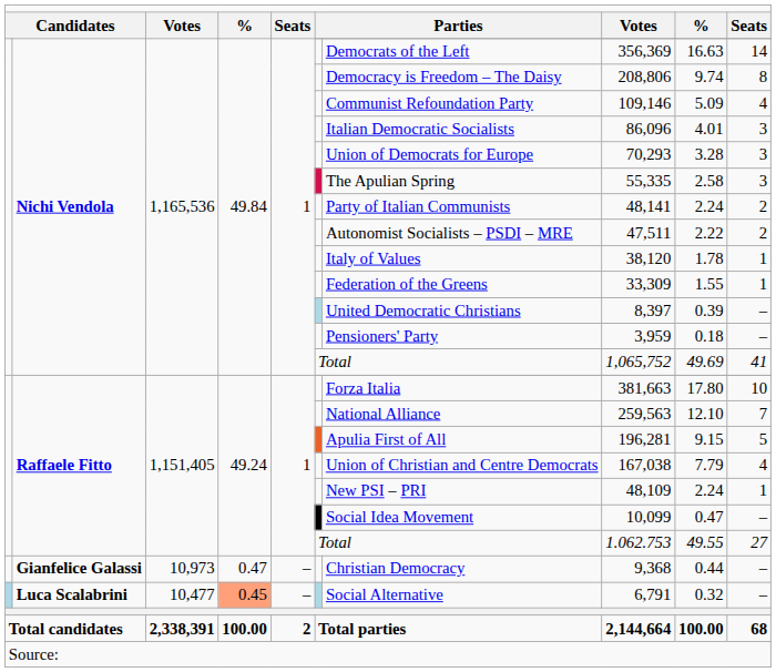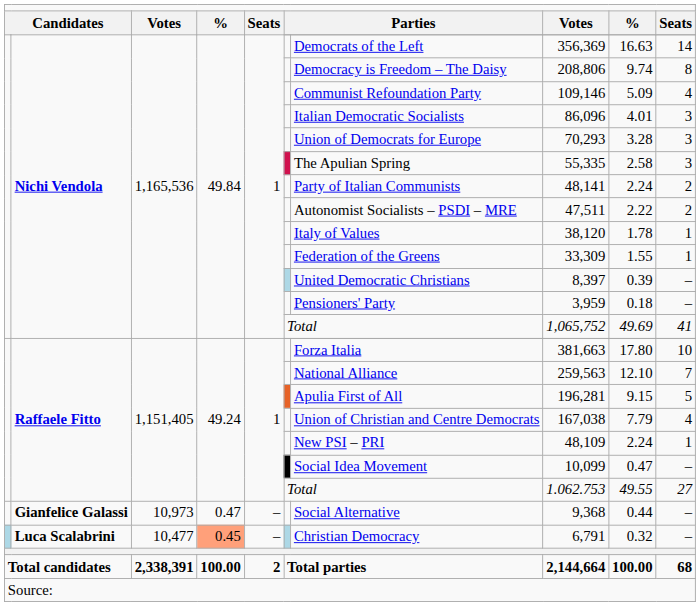 <table class="wikitable">
 <tr>
 <td colspan=10></td>
 </tr>
 <tr>
 <th colspan=2>Candidates</th>
 <th>Votes</th>
 <th>%</th>
 <th>Seats</th>
 <th colspan=2>Parties</th>
 <th>Votes</th>
 <th>%</th>
 <th>Seats</th>
 </tr>
 <tr>
 <td rowspan=14></td>
 <td rowspan=14><strong><a href='#'>Nichi Vendola</a></strong></td>
 <td rowspan=14 align=right>1,165,536</td>
 <td rowspan=14 align=right>49.84</td>
 <td rowspan=14 align=right>1</td>
 </tr>
 <tr>
 <td></td>
 <td><a href='#'>Democrats of the Left</a></td>
 <td align=right>356,369</td>
 <td align=right>16.63</td>
 <td align=right>14</td>
 </tr>
 <tr>
 <td></td>
 <td><a href='#'>Democracy is Freedom – The Daisy</a></td>
 <td align=right>208,806</td>
 <td align=right>9.74</td>
 <td align=right>8</td>
 </tr>
 <tr>
 <td></td>
 <td><a href='#'>Communist Refoundation Party</a></td>
 <td align=right>109,146</td>
 <td align=right>5.09</td>
 <td align=right>4</td>
 </tr>
 <tr>
 <td></td>
 <td><a href='#'>Italian Democratic Socialists</a></td>
 <td align=right>86,096</td>
 <td align=right>4.01</td>
 <td align=right>3</td>
 </tr>
 <tr>
 <td></td>
 <td><a href='#'>Union of Democrats for Europe</a></td>
 <td align=right>70,293</td>
 <td align=right>3.28</td>
 <td align=right>3</td>
 </tr>
 <tr>
 <td bgcolor="#D1114E"></td>
 <td>The Apulian Spring</td>
 <td align=right>55,335</td>
 <td align=right>2.58</td>
 <td align=right>3</td>
 </tr>
 <tr>
 <td></td>
 <td><a href='#'>Party of Italian Communists</a></td>
 <td align=right>48,141</td>
 <td align=right>2.24</td>
 <td align=right>2</td>
 </tr>
 <tr>
 <td></td>
 <td>Autonomist Socialists – <a href='#'>PSDI</a> – <a href='#'>MRE</a></td>
 <td align=right>47,511</td>
 <td align=right>2.22</td>
 <td align=right>2</td>
 </tr>
 <tr>
 <td></td>
 <td><a href='#'>Italy of Values</a></td>
 <td align=right>38,120</td>
 <td align=right>1.78</td>
 <td align=right>1</td>
 </tr>
 <tr>
 <td></td>
 <td><a href='#'>Federation of the Greens</a></td>
 <td align=right>33,309</td>
 <td align=right>1.55</td>
 <td align=right>1</td>
 </tr>
 <tr>
 <td bgcolor="lightblue"></td>
 <td><a href='#'>United Democratic Christians</a></td>
 <td align=right>8,397</td>
 <td align=right>0.39</td>
 <td align=right>–</td>
 </tr>
 <tr>
 <td></td>
 <td><a href='#'>Pensioners' Party</a></td>
 <td align=right>3,959</td>
 <td align=right>0.18</td>
 <td align=right>–</td>
 </tr>
 <tr>
 <td colspan=2><em>Total</em></td>
 <td align=right><em>1,065,752</em></td>
 <td align=right><em>49.69</em></td>
 <td align=right><em>41</em></td>
 </tr>
 <tr>
 <td rowspan=8></td>
 <td rowspan=8><strong><a href='#'>Raffaele Fitto</a></strong></td>
 <td rowspan=8 align=right>1,151,405</td>
 <td rowspan=8 align=right>49.24</td>
 <td rowspan=8 align=right>1</td>
 </tr>
 <tr>
 <td></td>
 <td><a href='#'>Forza Italia</a></td>
 <td align=right>381,663</td>
 <td align=right>17.80</td>
 <td align=right>10</td>
 </tr>
 <tr>
 <td></td>
 <td><a href='#'>National Alliance</a></td>
 <td align=right>259,563</td>
 <td align=right>12.10</td>
 <td align=right>7</td>
 </tr>
 <tr>
 <td bgcolor="#E76227"></td>
 <td><a href='#'>Apulia First of All</a></td>
 <td align=right>196,281</td>
 <td align=right>9.15</td>
 <td align=right>5</td>
 </tr>
 <tr>
 <td></td>
 <td><a href='#'>Union of Christian and Centre Democrats</a></td>
 <td align=right>167,038</td>
 <td align=right>7.79</td>
 <td align=right>4</td>
 </tr>
 <tr>
 <td></td>
 <td><a href='#'>New PSI</a> – <a href='#'>PRI</a></td>
 <td align=right>48,109</td>
 <td align=right>2.24</td>
 <td align=right>1</td>
 </tr>
 <tr>
 <td bgcolor="black"></td>
 <td><a href='#'>Social Idea Movement</a></td>
 <td align=right>10,099</td>
 <td align=right>0.47</td>
 <td align=right>–</td>
 </tr>
 <tr>
 <td colspan=2><em>Total</em></td>
 <td align=right><em>1.062.753</em></td>
 <td align=right><em>49.55</em></td>
 <td align=right><em>27</em></td>
 </tr>
 <tr>
 <td></td>
 <td><strong>Gianfelice Galassi</strong></td>
 <td align=right>10,973</td>
 <td align=right>0.47</td>
 <td align=right>–</td>
 <td></td>
-<td><a href='#'>Christian Democracy</a></td>
+<td><a href='#'>Social Alternative</a></td>
 <td align=right>9,368</td>
 <td align=right>0.44</td>
 <td align=right>–</td>
 </tr>
 <tr>
 <td bgcolor="lightblue"></td>
 <td><strong>Luca Scalabrini</strong></td>
 <td align=right>10,477</td>
 <td align=right style="background: lightsalmon;">0.45</td>
 <td align=right>–</td>
 <td bgcolor="lightblue"></td>
-<td><a href='#'>Social Alternative</a></td>
+<td><a href='#'>Christian Democracy</a></td>
 <td align=right>6,791</td>
 <td align=right>0.32</td>
 <td align=right>–</td>
 </tr>
 <tr>
 <th colspan=10></th>
 </tr>
 <tr>
 <td colspan=2><strong>Total candidates</strong></td>
 <td align=right><strong>2,338,391</strong></td>
 <td align=right><strong>100.00</strong></td>
 <td align=right><strong>2</strong></td>
 <td colspan=2><strong>Total parties</strong></td>
 <td align=right><strong>2,144,664</strong></td>
 <td align=right><strong>100.00</strong></td>
 <td align=right><strong>68</strong></td>
 </tr>
 <tr>
 <td colspan=10>Source: </td>
 </tr>
 </table>
